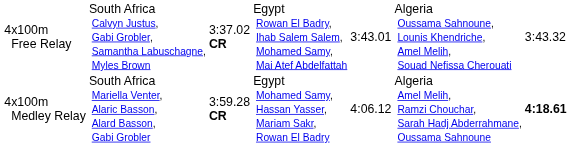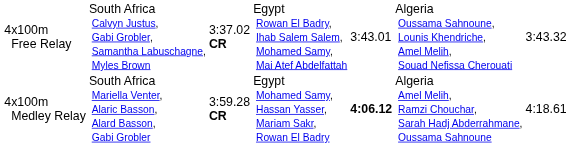 <table>
 <tr>
 <td>4x100m <br>  Free Relay</td>
 <td> South Africa <small><br>  <a href='#'>Calvyn Justus</a>, <br>  <a href='#'>Gabi Grobler</a>, <br>  <a href='#'>Samantha Labuschagne</a>, <br>  <a href='#'>Myles Brown</a> </small></td>
 <td>3:37.02 <br> <strong>CR</strong></td>
 <td> Egypt <small><br>  <a href='#'>Rowan El Badry</a>, <br>  <a href='#'>Ihab Salem Salem</a>, <br>  <a href='#'>Mohamed Samy</a>, <br>  <a href='#'>Mai Atef Abdelfattah</a> </small></td>
 <td>3:43.01</td>
 <td> Algeria<small><br>  <a href='#'>Oussama Sahnoune</a>, <br>  <a href='#'>Lounis Khendriche</a>, <br>  <a href='#'>Amel Melih</a>, <br>  <a href='#'>Souad Nefissa Cherouati</a> </small></td>
 <td>3:43.32</td>
 </tr>
 <tr>
 <td>4x100m <br>  Medley Relay</td>
 <td> South Africa <small><br>  <a href='#'>Mariella Venter</a>, <br>  <a href='#'>Alaric Basson</a>, <br>  <a href='#'>Alard Basson</a>, <br>  <a href='#'>Gabi Grobler</a> </small></td>
 <td>3:59.28 <br> <strong>CR</strong></td>
 <td> Egypt <small><br>  <a href='#'>Mohamed Samy</a>, <br>  <a href='#'>Hassan Yasser</a>, <br>  <a href='#'>Mariam Sakr</a>, <br>  <a href='#'>Rowan El Badry</a> </small></td>
-<td>4:06.12</td>
+<td><strong>4:06.12</strong></td>
 <td> Algeria<small><br>  <a href='#'>Amel Melih</a>, <br>  <a href='#'>Ramzi Chouchar</a>, <br>  <a href='#'>Sarah Hadj Abderrahmane</a>, <br>  <a href='#'>Oussama Sahnoune</a> </small></td>
-<td><strong>4:18.61</strong></td>
+<td>4:18.61</td>
 </tr>
 <tr>
 </tr>
 </table>
